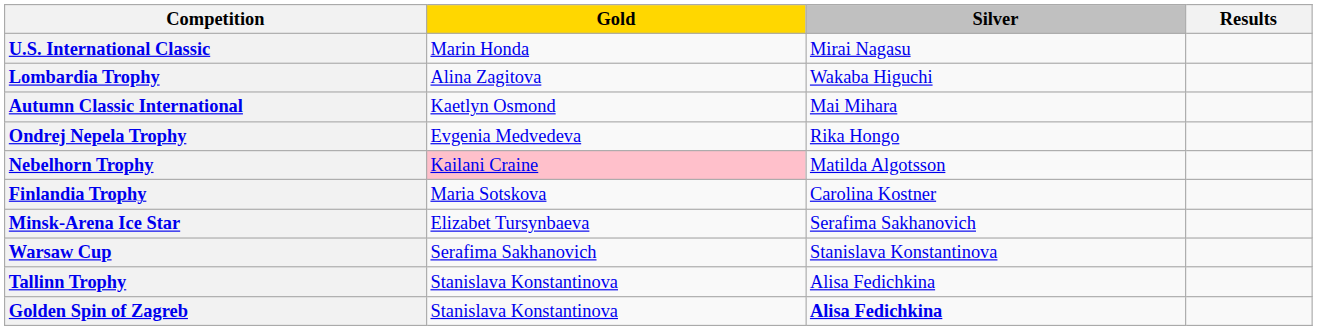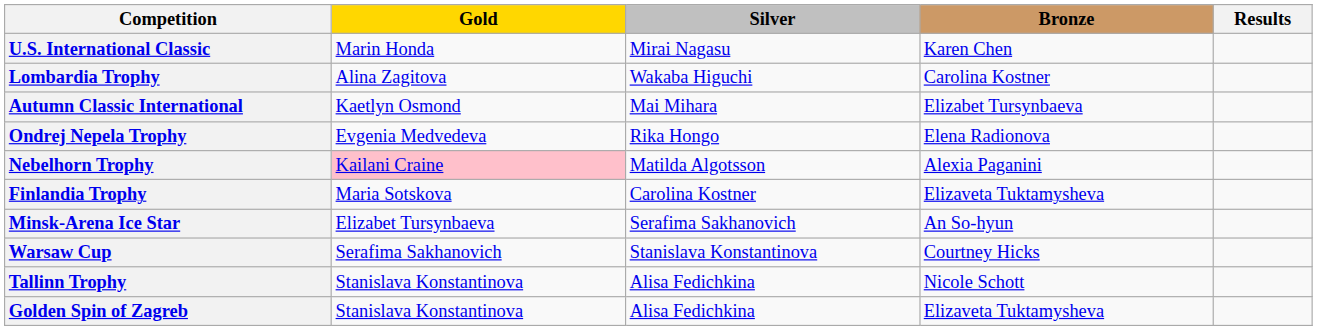 <table class="wikitable unsortable" style="text-align:left; width:90%;">
 <tr>
 <th scope="col" style="text-align:center; width:25%;">Competition</th>
 <td scope="col" style="text-align:center; width:22.5%; background:gold"><strong>Gold</strong></td>
 <td scope="col" style="text-align:center; width:22.5%; background:silver"><strong>Silver</strong></td>
+<td scope="col" style="text-align:center; width:22.5%; background:#c96"><strong>Bronze</strong></td>
 <th scope="col" style="text-align:center; width:7.5%;">Results</th>
 </tr>
 <tr>
 <th scope="row" style="text-align:left"> <a href='#'>U.S. International Classic</a></th>
 <td> <a href='#'>Marin Honda</a></td>
 <td> <a href='#'>Mirai Nagasu</a></td>
+<td> <a href='#'>Karen Chen</a></td>
 <td></td>
 </tr>
 <tr>
 <th scope="row" style="text-align:left"> <a href='#'>Lombardia Trophy</a></th>
 <td> <a href='#'>Alina Zagitova</a></td>
 <td> <a href='#'>Wakaba Higuchi</a></td>
+<td> <a href='#'>Carolina Kostner</a></td>
 <td></td>
 </tr>
 <tr>
 <th scope="row" style="text-align:left"> <a href='#'>Autumn Classic International</a></th>
 <td> <a href='#'>Kaetlyn Osmond</a></td>
 <td> <a href='#'>Mai Mihara</a></td>
+<td> <a href='#'>Elizabet Tursynbaeva</a></td>
 <td></td>
 </tr>
 <tr>
 <th scope="row" style="text-align:left"> <a href='#'>Ondrej Nepela Trophy</a></th>
 <td> <a href='#'>Evgenia Medvedeva</a></td>
 <td> <a href='#'>Rika Hongo</a></td>
+<td> <a href='#'>Elena Radionova</a></td>
 <td></td>
 </tr>
 <tr>
 <th scope="row" style="text-align:left"> <a href='#'>Nebelhorn Trophy</a></th>
 <td style="background: pink;"> <a href='#'>Kailani Craine</a></td>
 <td> <a href='#'>Matilda Algotsson</a></td>
+<td> <a href='#'>Alexia Paganini</a></td>
 <td></td>
 </tr>
 <tr>
 <th scope="row" style="text-align:left"> <a href='#'>Finlandia Trophy</a></th>
 <td> <a href='#'>Maria Sotskova</a></td>
 <td> <a href='#'>Carolina Kostner</a></td>
+<td> <a href='#'>Elizaveta Tuktamysheva</a></td>
 <td></td>
 </tr>
 <tr>
 <th scope="row" style="text-align:left"> <a href='#'>Minsk-Arena Ice Star</a></th>
 <td> <a href='#'>Elizabet Tursynbaeva</a></td>
 <td> <a href='#'>Serafima Sakhanovich</a></td>
+<td> <a href='#'>An So-hyun</a></td>
 <td></td>
 </tr>
 <tr>
 <th scope="row" style="text-align:left"> <a href='#'>Warsaw Cup</a></th>
 <td> <a href='#'>Serafima Sakhanovich</a></td>
 <td> <a href='#'>Stanislava Konstantinova</a></td>
+<td> <a href='#'>Courtney Hicks</a></td>
 <td></td>
 </tr>
 <tr>
 <th scope="row" style="text-align:left"> <a href='#'>Tallinn Trophy</a></th>
 <td> <a href='#'>Stanislava Konstantinova</a></td>
 <td> <a href='#'>Alisa Fedichkina</a></td>
+<td> <a href='#'>Nicole Schott</a></td>
 <td></td>
 </tr>
 <tr>
 <th scope="row" style="text-align:left"> <a href='#'>Golden Spin of Zagreb</a></th>
 <td> <a href='#'>Stanislava Konstantinova</a></td>
-<td><strong> <a href='#'>Alisa Fedichkina</a></strong></td>
+<td> <a href='#'>Alisa Fedichkina</a></td>
+<td> <a href='#'>Elizaveta Tuktamysheva</a></td>
 <td></td>
 </tr>
 </table>
